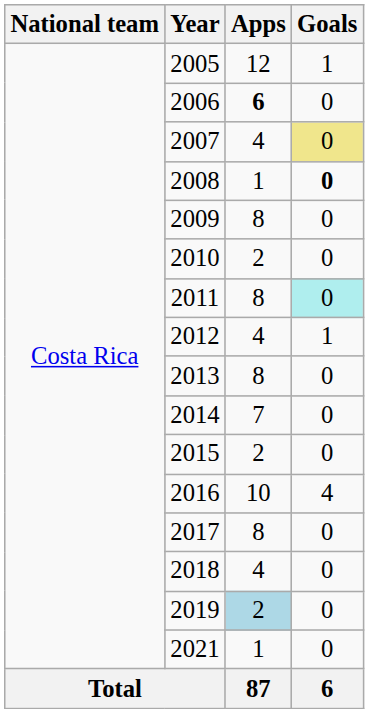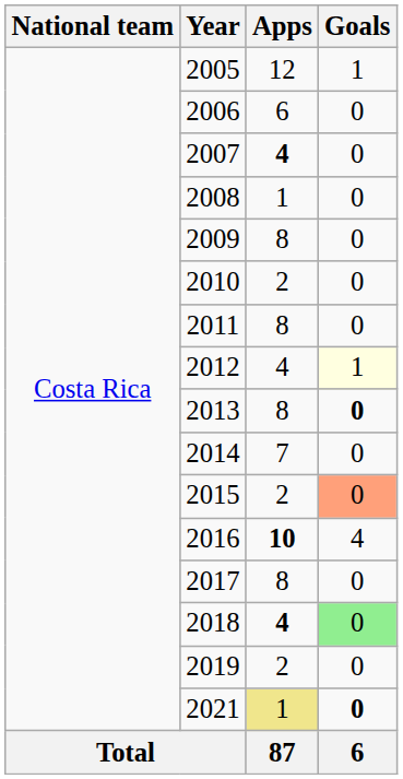 <table class="wikitable" style="text-align:center">
 <tr>
 <th>National team</th>
 <th>Year</th>
 <th>Apps</th>
 <th>Goals</th>
 </tr>
 <tr>
 <td rowspan="16"><a href='#'>Costa Rica</a></td>
 <td>2005</td>
 <td>12</td>
 <td>1</td>
 </tr>
 <tr>
 <td>2006</td>
-<td><strong>6</strong></td>
+<td>6</td>
 <td>0</td>
 </tr>
 <tr>
 <td>2007</td>
-<td>4</td>
-<td style="background: khaki;">0</td>
+<td><strong>4</strong></td>
+<td>0</td>
 </tr>
 <tr>
 <td>2008</td>
 <td>1</td>
-<td><strong>0</strong></td>
+<td>0</td>
 </tr>
 <tr>
 <td>2009</td>
 <td>8</td>
 <td>0</td>
 </tr>
 <tr>
 <td>2010</td>
 <td>2</td>
 <td>0</td>
 </tr>
 <tr>
 <td>2011</td>
 <td>8</td>
-<td style="background: paleturquoise;">0</td>
+<td>0</td>
 </tr>
 <tr>
 <td>2012</td>
 <td>4</td>
-<td>1</td>
+<td style="background: lightyellow;">1</td>
 </tr>
 <tr>
 <td>2013</td>
 <td>8</td>
-<td>0</td>
+<td><strong>0</strong></td>
 </tr>
 <tr>
 <td>2014</td>
 <td>7</td>
 <td>0</td>
 </tr>
 <tr>
 <td>2015</td>
 <td>2</td>
-<td>0</td>
+<td style="background: lightsalmon;">0</td>
 </tr>
 <tr>
 <td>2016</td>
-<td>10</td>
+<td><strong>10</strong></td>
 <td>4</td>
 </tr>
 <tr>
 <td>2017</td>
 <td>8</td>
 <td>0</td>
 </tr>
 <tr>
 <td>2018</td>
-<td>4</td>
-<td>0</td>
+<td><strong>4</strong></td>
+<td style="background: lightgreen;">0</td>
 </tr>
 <tr>
 <td>2019</td>
-<td style="background: lightblue;">2</td>
+<td>2</td>
 <td>0</td>
 </tr>
 <tr>
 <td>2021</td>
-<td>1</td>
-<td>0</td>
+<td style="background: khaki;">1</td>
+<td><strong>0</strong></td>
 </tr>
 <tr>
 <th colspan="2">Total</th>
 <th>87</th>
 <th>6</th>
 </tr>
 </table>
